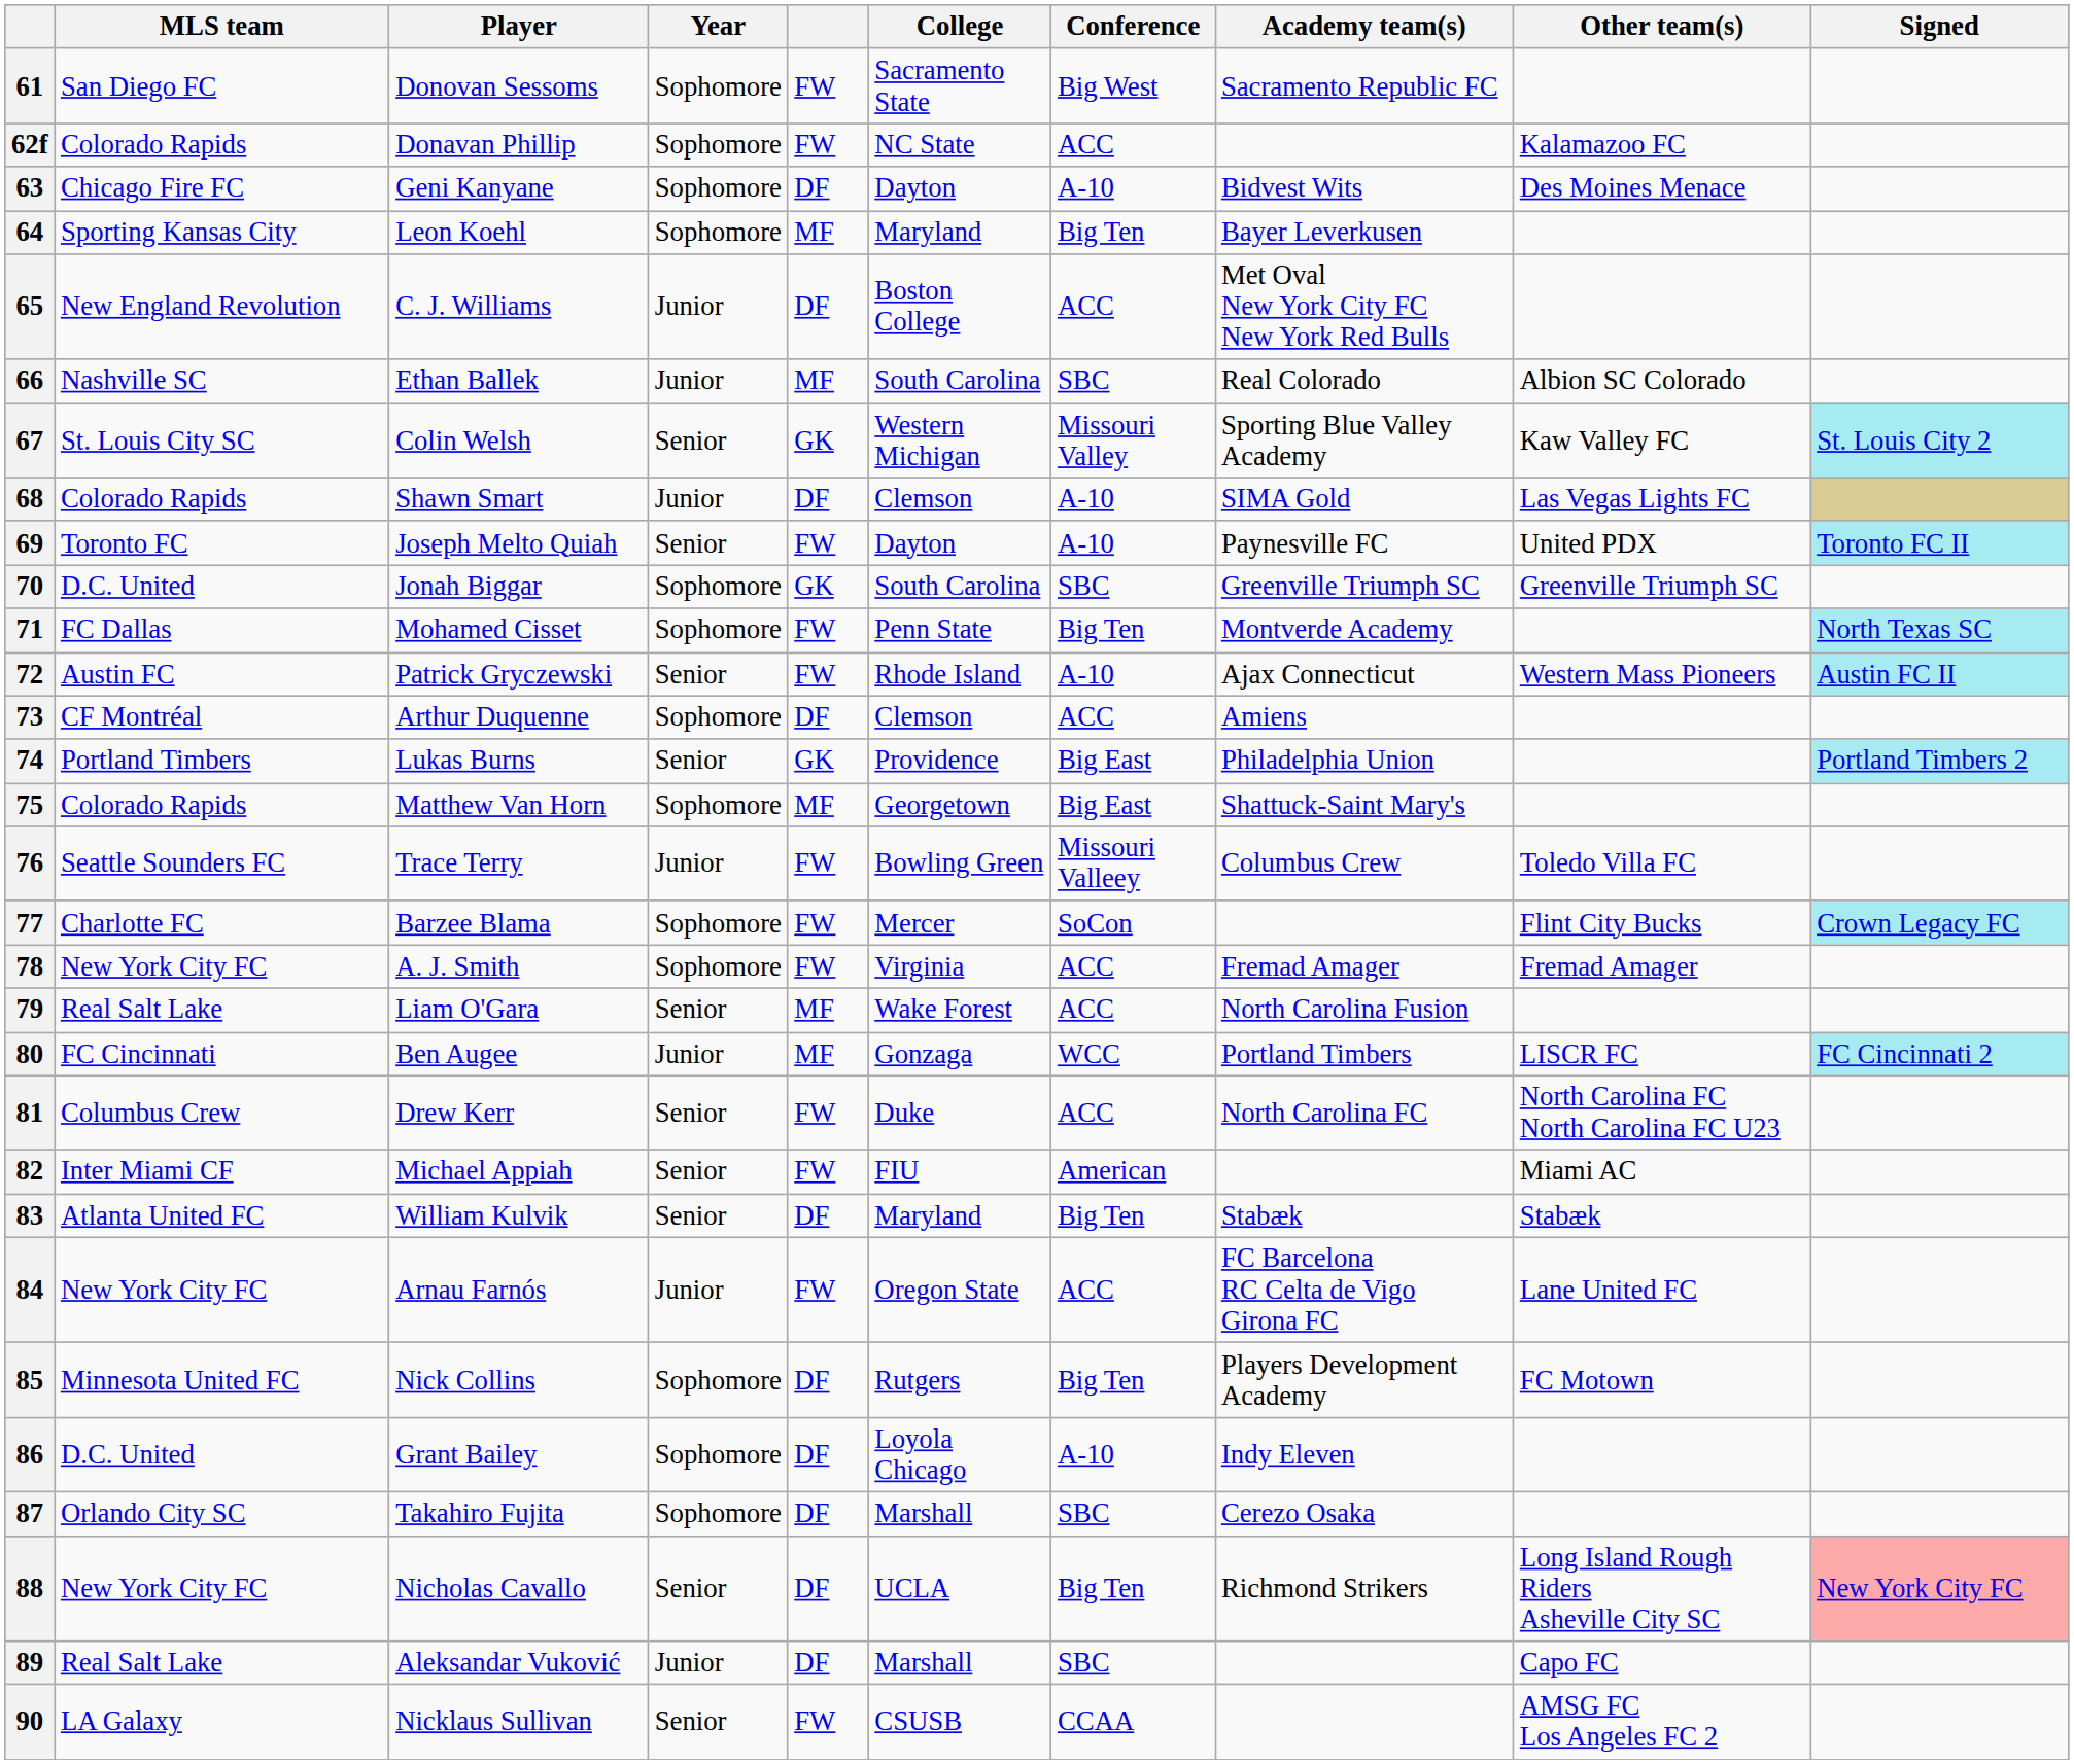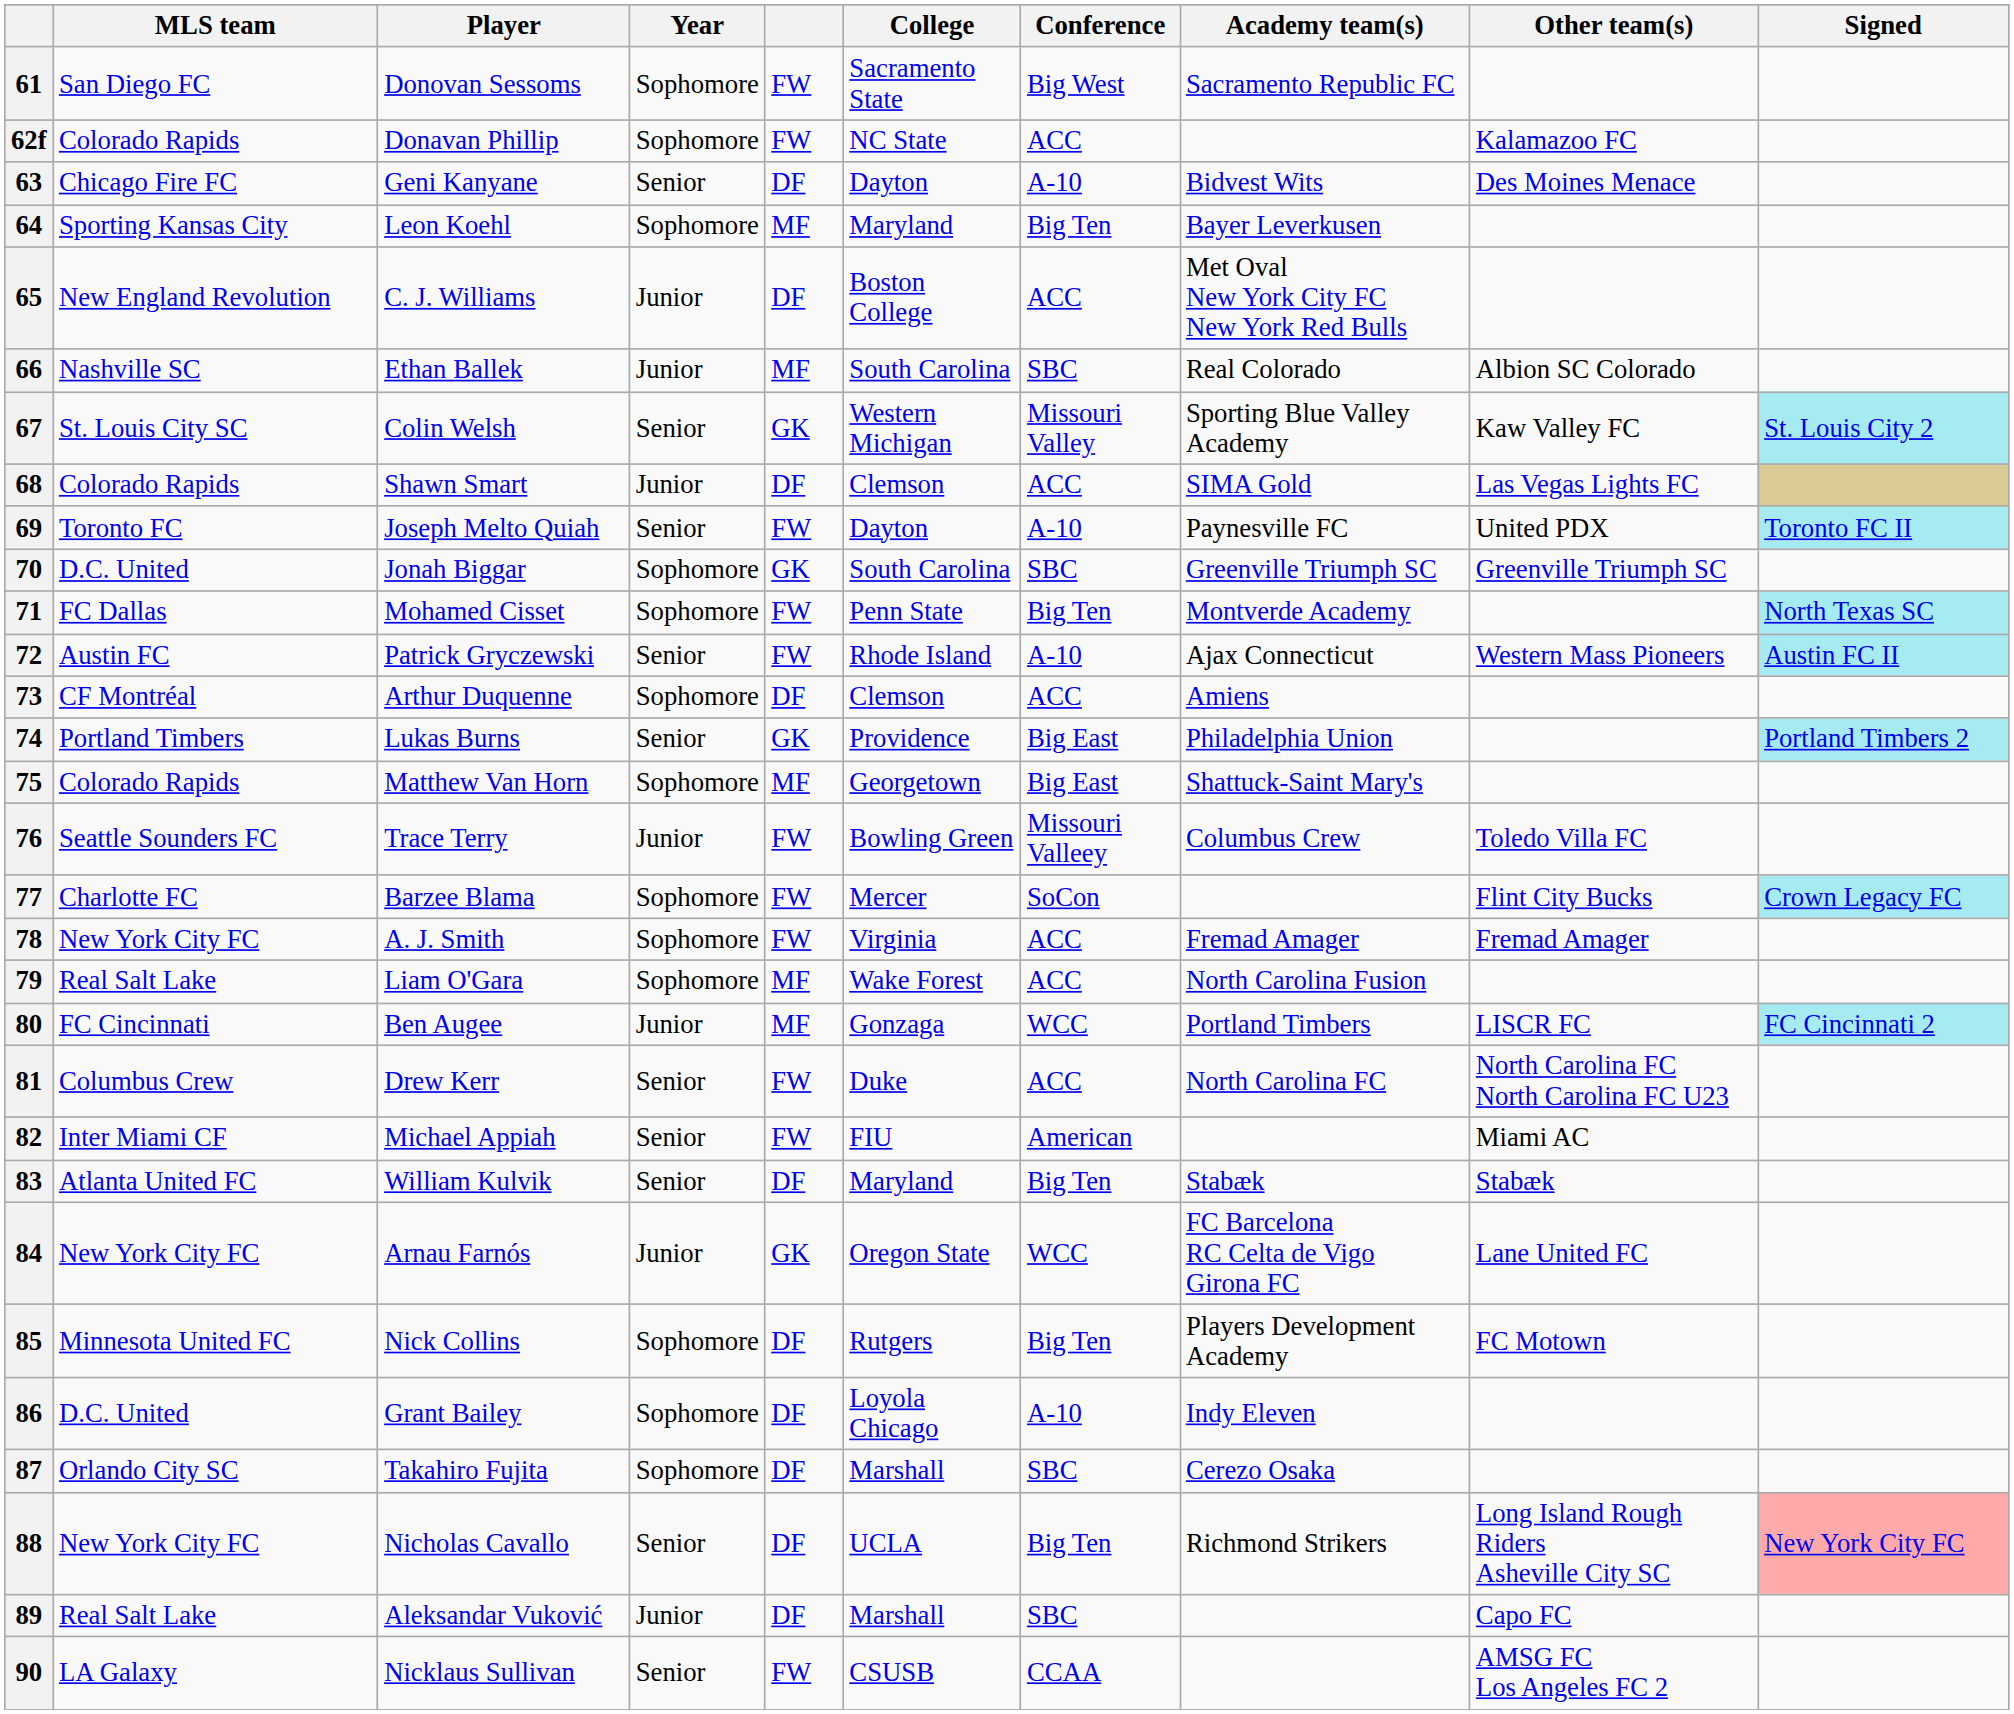 <table class="wikitable sortable" style="width:95%">
 <tr>
 <th width=2%></th>
 <th width=17%>MLS team</th>
 <th width=13%>Player</th>
 <th width=4%>Year</th>
 <th width=4%></th>
 <th width="9%">College</th>
 <th width=8%>Conference</th>
 <th width="15%">Academy team(s)</th>
 <th width="15%">Other team(s)</th>
 <th width=15%>Signed</th>
 </tr>
 <tr>
 <th>61</th>
 <td><a href='#'>San Diego FC</a></td>
 <td> <a href='#'>Donovan Sessoms</a></td>
 <td>Sophomore</td>
 <td><a href='#'>FW</a></td>
 <td><a href='#'>Sacramento State</a></td>
 <td><a href='#'>Big West</a></td>
 <td><a href='#'>Sacramento Republic FC</a></td>
 <td></td>
 <td></td>
 </tr>
 <tr>
 <th>62f</th>
 <td><a href='#'>Colorado Rapids</a></td>
 <td> <a href='#'>Donavan Phillip</a></td>
 <td>Sophomore</td>
 <td><a href='#'>FW</a></td>
 <td><a href='#'>NC State</a></td>
 <td><a href='#'>ACC</a></td>
 <td></td>
 <td><a href='#'>Kalamazoo FC</a></td>
 <td></td>
 </tr>
 <tr>
 <th>63</th>
 <td><a href='#'>Chicago Fire FC</a></td>
 <td> <a href='#'>Geni Kanyane</a></td>
-<td>Sophomore</td>
+<td>Senior</td>
 <td><a href='#'>DF</a></td>
 <td><a href='#'>Dayton</a></td>
 <td><a href='#'>A-10</a></td>
 <td><a href='#'>Bidvest Wits</a></td>
 <td><a href='#'>Des Moines Menace</a></td>
 <td></td>
 </tr>
 <tr>
 <th>64</th>
 <td><a href='#'>Sporting Kansas City</a></td>
 <td> <a href='#'>Leon Koehl</a></td>
 <td>Sophomore</td>
 <td><a href='#'>MF</a></td>
 <td><a href='#'>Maryland</a></td>
 <td><a href='#'>Big Ten</a></td>
 <td><a href='#'>Bayer Leverkusen</a></td>
 <td></td>
 <td></td>
 </tr>
 <tr>
 <th>65</th>
 <td><a href='#'>New England Revolution</a></td>
 <td> <a href='#'>C. J. Williams</a></td>
 <td>Junior</td>
 <td><a href='#'>DF</a></td>
 <td><a href='#'>Boston College</a></td>
 <td><a href='#'>ACC</a></td>
 <td>Met Oval<br><a href='#'>New York City FC</a><br><a href='#'>New York Red Bulls</a></td>
 <td></td>
 <td></td>
 </tr>
 <tr>
 <th>66</th>
 <td><a href='#'>Nashville SC</a></td>
 <td> <a href='#'>Ethan Ballek</a></td>
 <td>Junior</td>
 <td><a href='#'>MF</a></td>
 <td><a href='#'>South Carolina</a></td>
 <td><a href='#'>SBC</a></td>
 <td>Real Colorado</td>
 <td>Albion SC Colorado</td>
 <td></td>
 </tr>
 <tr>
 <th>67</th>
 <td><a href='#'>St. Louis City SC</a></td>
 <td> <a href='#'>Colin Welsh</a></td>
 <td>Senior</td>
 <td><a href='#'>GK</a></td>
 <td><a href='#'>Western Michigan</a></td>
 <td><a href='#'>Missouri Valley</a></td>
 <td>Sporting Blue Valley Academy</td>
 <td>Kaw Valley FC</td>
 <td style="background:#A6EBF1;"> <a href='#'>St. Louis City 2</a></td>
 </tr>
 <tr>
 <th>68</th>
 <td><a href='#'>Colorado Rapids</a></td>
 <td> <a href='#'>Shawn Smart</a></td>
 <td>Junior</td>
 <td><a href='#'>DF</a></td>
 <td><a href='#'>Clemson</a></td>
-<td><a href='#'>A-10</a></td>
+<td><a href='#'>ACC</a></td>
 <td><a href='#'>SIMA Gold</a></td>
 <td><a href='#'>Las Vegas Lights FC</a></td>
 <td style="background:#DACB95;"></td>
 </tr>
 <tr>
 <th>69</th>
 <td><a href='#'>Toronto FC</a></td>
 <td> <a href='#'>Joseph Melto Quiah</a></td>
 <td>Senior</td>
 <td><a href='#'>FW</a></td>
 <td><a href='#'>Dayton</a></td>
 <td><a href='#'>A-10</a></td>
 <td>Paynesville FC</td>
 <td>United PDX</td>
 <td style="background:#A6EBF1;"> <a href='#'>Toronto FC II</a></td>
 </tr>
 <tr>
 <th>70</th>
 <td><a href='#'>D.C. United</a></td>
 <td> <a href='#'>Jonah Biggar</a></td>
 <td>Sophomore</td>
 <td><a href='#'>GK</a></td>
 <td><a href='#'>South Carolina</a></td>
 <td><a href='#'>SBC</a></td>
 <td><a href='#'>Greenville Triumph SC</a></td>
 <td><a href='#'>Greenville Triumph SC</a></td>
 <td></td>
 </tr>
 <tr>
 <th>71</th>
 <td><a href='#'>FC Dallas</a></td>
 <td> <a href='#'>Mohamed Cisset</a></td>
 <td>Sophomore</td>
 <td><a href='#'>FW</a></td>
 <td><a href='#'>Penn State</a></td>
 <td><a href='#'>Big Ten</a></td>
 <td><a href='#'>Montverde Academy</a></td>
 <td></td>
 <td style="background:#A6EBF1;"> <a href='#'>North Texas SC</a></td>
 </tr>
 <tr>
 <th>72</th>
 <td><a href='#'>Austin FC</a></td>
 <td> <a href='#'>Patrick Gryczewski</a></td>
 <td>Senior</td>
 <td><a href='#'>FW</a></td>
 <td><a href='#'>Rhode Island</a></td>
 <td><a href='#'>A-10</a></td>
 <td>Ajax Connecticut</td>
 <td><a href='#'>Western Mass Pioneers</a></td>
 <td style="background:#A6EBF1;"> <a href='#'>Austin FC II</a></td>
 </tr>
 <tr>
 <th>73</th>
 <td><a href='#'>CF Montréal</a></td>
 <td> <a href='#'>Arthur Duquenne</a></td>
 <td>Sophomore</td>
 <td><a href='#'>DF</a></td>
 <td><a href='#'>Clemson</a></td>
 <td><a href='#'>ACC</a></td>
 <td><a href='#'>Amiens</a></td>
 <td></td>
 <td></td>
 </tr>
 <tr>
 <th>74</th>
 <td><a href='#'>Portland Timbers</a></td>
 <td> <a href='#'>Lukas Burns</a></td>
 <td>Senior</td>
 <td><a href='#'>GK</a></td>
 <td><a href='#'>Providence</a></td>
 <td><a href='#'>Big East</a></td>
 <td><a href='#'>Philadelphia Union</a></td>
 <td></td>
 <td style="background:#A6EBF1;"> <a href='#'>Portland Timbers 2</a></td>
 </tr>
 <tr>
 <th>75</th>
 <td><a href='#'>Colorado Rapids</a></td>
 <td> <a href='#'>Matthew Van Horn</a></td>
 <td>Sophomore</td>
 <td><a href='#'>MF</a></td>
 <td><a href='#'>Georgetown</a></td>
 <td><a href='#'>Big East</a></td>
 <td><a href='#'>Shattuck-Saint Mary's</a></td>
 <td></td>
 <td></td>
 </tr>
 <tr>
 <th>76</th>
 <td><a href='#'>Seattle Sounders FC</a> </td>
 <td> <a href='#'>Trace Terry</a></td>
 <td>Junior</td>
 <td><a href='#'>FW</a></td>
 <td><a href='#'>Bowling Green</a></td>
 <td><a href='#'>Missouri Valleey</a></td>
 <td><a href='#'>Columbus Crew</a></td>
 <td><a href='#'>Toledo Villa FC</a></td>
 <td></td>
 </tr>
 <tr>
 <th>77</th>
 <td><a href='#'>Charlotte FC</a></td>
 <td> <a href='#'>Barzee Blama</a></td>
 <td>Sophomore</td>
 <td><a href='#'>FW</a></td>
 <td><a href='#'>Mercer</a></td>
 <td><a href='#'>SoCon</a></td>
 <td></td>
 <td><a href='#'>Flint City Bucks</a></td>
 <td style="background:#A6EBF1;"> <a href='#'>Crown Legacy FC</a></td>
 </tr>
 <tr>
 <th>78</th>
 <td><a href='#'>New York City FC</a> </td>
 <td> <a href='#'>A. J. Smith</a></td>
 <td>Sophomore</td>
 <td><a href='#'>FW</a></td>
 <td><a href='#'>Virginia</a></td>
 <td><a href='#'>ACC</a></td>
 <td><a href='#'>Fremad Amager</a></td>
 <td><a href='#'>Fremad Amager</a></td>
 <td></td>
 </tr>
 <tr>
 <th>79</th>
 <td><a href='#'>Real Salt Lake</a></td>
 <td> <a href='#'>Liam O'Gara</a></td>
-<td>Senior</td>
+<td>Sophomore</td>
 <td><a href='#'>MF</a></td>
 <td><a href='#'>Wake Forest</a></td>
 <td><a href='#'>ACC</a></td>
 <td><a href='#'>North Carolina Fusion</a></td>
 <td></td>
 <td></td>
 </tr>
 <tr>
 <th>80</th>
 <td><a href='#'>FC Cincinnati</a></td>
 <td> <a href='#'>Ben Augee</a></td>
 <td>Junior</td>
 <td><a href='#'>MF</a></td>
 <td><a href='#'>Gonzaga</a></td>
 <td><a href='#'>WCC</a></td>
 <td><a href='#'>Portland Timbers</a></td>
 <td><a href='#'>LISCR FC</a></td>
 <td style="background:#A6EBF1;"> <a href='#'>FC Cincinnati 2</a></td>
 </tr>
 <tr>
 <th>81</th>
 <td><a href='#'>Columbus Crew</a></td>
 <td> <a href='#'>Drew Kerr</a></td>
 <td>Senior</td>
 <td><a href='#'>FW</a></td>
 <td><a href='#'>Duke</a></td>
 <td><a href='#'>ACC</a></td>
 <td><a href='#'>North Carolina FC</a></td>
 <td><a href='#'>North Carolina FC</a><br><a href='#'>North Carolina FC U23</a></td>
 <td></td>
 </tr>
 <tr>
 <th>82</th>
 <td><a href='#'>Inter Miami CF</a></td>
 <td> <a href='#'>Michael Appiah</a></td>
 <td>Senior</td>
 <td><a href='#'>FW</a></td>
 <td><a href='#'>FIU</a></td>
 <td><a href='#'>American</a></td>
 <td></td>
 <td>Miami AC</td>
 <td></td>
 </tr>
 <tr>
 <th>83</th>
 <td><a href='#'>Atlanta United FC</a></td>
 <td> <a href='#'>William Kulvik</a></td>
 <td>Senior</td>
 <td><a href='#'>DF</a></td>
 <td><a href='#'>Maryland</a></td>
 <td><a href='#'>Big Ten</a></td>
 <td><a href='#'>Stabæk</a></td>
 <td><a href='#'>Stabæk</a></td>
 <td></td>
 </tr>
 <tr>
 <th>84</th>
 <td><a href='#'>New York City FC</a></td>
 <td> <a href='#'>Arnau Farnós</a></td>
 <td>Junior</td>
-<td><a href='#'>FW</a></td>
+<td><a href='#'>GK</a></td>
 <td><a href='#'>Oregon State</a></td>
-<td><a href='#'>ACC</a></td>
+<td><a href='#'>WCC</a></td>
 <td><a href='#'>FC Barcelona</a><br><a href='#'>RC Celta de Vigo</a><br><a href='#'>Girona FC</a></td>
 <td><a href='#'>Lane United FC</a></td>
 <td></td>
 </tr>
 <tr>
 <th>85</th>
 <td><a href='#'>Minnesota United FC</a></td>
 <td> <a href='#'>Nick Collins</a></td>
 <td>Sophomore</td>
 <td><a href='#'>DF</a></td>
 <td><a href='#'>Rutgers</a></td>
 <td><a href='#'>Big Ten</a></td>
 <td>Players Development Academy</td>
 <td><a href='#'>FC Motown</a></td>
 <td></td>
 </tr>
 <tr>
 <th>86</th>
 <td><a href='#'>D.C. United</a> </td>
 <td> <a href='#'>Grant Bailey</a></td>
 <td>Sophomore</td>
 <td><a href='#'>DF</a></td>
 <td><a href='#'>Loyola Chicago</a></td>
 <td><a href='#'>A-10</a></td>
 <td><a href='#'>Indy Eleven</a></td>
 <td></td>
 <td></td>
 </tr>
 <tr>
 <th>87</th>
 <td><a href='#'>Orlando City SC</a></td>
 <td> <a href='#'>Takahiro Fujita</a></td>
 <td>Sophomore</td>
 <td><a href='#'>DF</a></td>
 <td><a href='#'>Marshall</a></td>
 <td><a href='#'>SBC</a></td>
 <td><a href='#'>Cerezo Osaka</a></td>
 <td></td>
 <td></td>
 </tr>
 <tr>
 <th>88</th>
 <td><a href='#'>New York City FC</a> </td>
 <td> <a href='#'>Nicholas Cavallo</a></td>
 <td>Senior</td>
 <td><a href='#'>DF</a></td>
 <td><a href='#'>UCLA</a></td>
 <td><a href='#'>Big Ten</a></td>
 <td>Richmond Strikers</td>
 <td><a href='#'>Long Island Rough Riders</a><br><a href='#'>Asheville City SC</a></td>
 <td style="background:#FEAAAA;"> <a href='#'>New York City FC</a></td>
 </tr>
 <tr>
 <th>89</th>
 <td><a href='#'>Real Salt Lake</a> </td>
 <td> <a href='#'>Aleksandar Vuković</a></td>
 <td>Junior</td>
 <td><a href='#'>DF</a></td>
 <td><a href='#'>Marshall</a></td>
 <td><a href='#'>SBC</a></td>
 <td></td>
 <td><a href='#'>Capo FC</a></td>
 <td></td>
 </tr>
 <tr>
 <th>90</th>
 <td><a href='#'>LA Galaxy</a></td>
 <td> <a href='#'>Nicklaus Sullivan</a></td>
 <td>Senior</td>
 <td><a href='#'>FW</a></td>
 <td><a href='#'>CSUSB</a></td>
 <td><a href='#'>CCAA</a></td>
 <td></td>
 <td><a href='#'>AMSG FC</a><br><a href='#'>Los Angeles FC 2</a></td>
 <td></td>
 </tr>
 </table>
